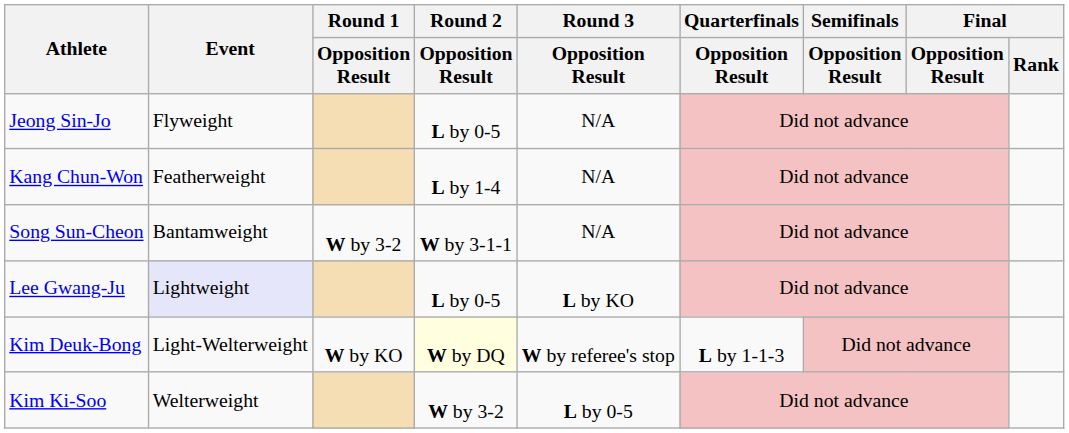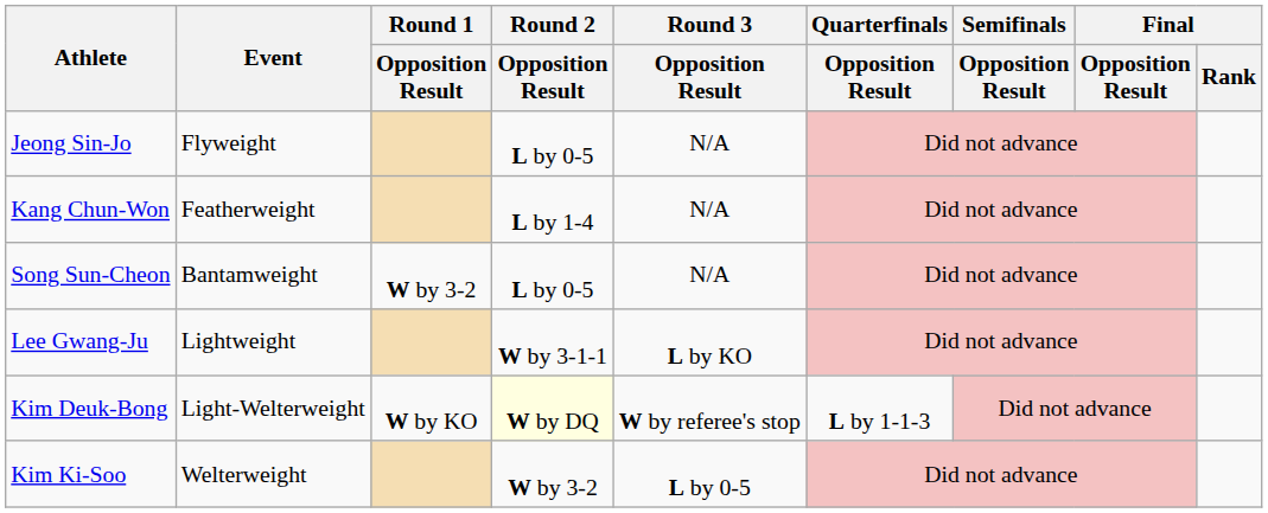 <table class="wikitable" style="font-size:90%">
 <tr>
 <th rowspan="2">Athlete</th>
 <th rowspan="2">Event</th>
 <th>Round 1</th>
 <th>Round 2</th>
 <th>Round 3</th>
 <th>Quarterfinals</th>
 <th>Semifinals</th>
 <th colspan="2">Final</th>
 </tr>
 <tr>
 <th>Opposition<br>Result</th>
 <th>Opposition<br>Result</th>
 <th>Opposition<br>Result</th>
 <th>Opposition<br>Result</th>
 <th>Opposition<br>Result</th>
 <th>Opposition<br>Result</th>
 <th>Rank</th>
 </tr>
 <tr>
 <td><a href='#'>Jeong Sin-Jo</a></td>
 <td>Flyweight</td>
 <td colspan="1" bgcolor="wheat"></td>
 <td align=center> <br> <strong>L</strong> by 0-5</td>
 <td align=center>N/A</td>
 <td bgcolor="f4c2c2" colspan=3 align="center">Did not advance</td>
 <td></td>
 </tr>
 <tr>
 <td><a href='#'>Kang Chun-Won</a></td>
 <td>Featherweight</td>
 <td colspan="1" bgcolor="wheat"></td>
 <td align=center> <br> <strong>L</strong> by 1-4</td>
 <td align=center>N/A</td>
 <td bgcolor="f4c2c2" colspan=3 align="center">Did not advance</td>
 <td></td>
 </tr>
 <tr>
 <td><a href='#'>Song Sun-Cheon</a></td>
 <td>Bantamweight</td>
 <td align=center> <br> <strong>W</strong> by 3-2</td>
-<td align=center> <br> <strong>W</strong> by 3-1-1</td>
+<td align=center> <br> <strong>L</strong> by 0-5</td>
 <td align=center>N/A</td>
 <td bgcolor="f4c2c2" colspan=3 align="center">Did not advance</td>
 <td></td>
 </tr>
 <tr>
 <td><a href='#'>Lee Gwang-Ju</a></td>
-<td style="background: lavender;">Lightweight</td>
+<td>Lightweight</td>
 <td colspan="1" bgcolor="wheat"></td>
-<td align=center> <br> <strong>L</strong> by 0-5</td>
+<td align=center> <br> <strong>W</strong> by 3-1-1</td>
 <td align=center> <br> <strong>L</strong> by KO</td>
 <td bgcolor="f4c2c2" colspan=3 align="center">Did not advance</td>
 <td align=center></td>
 </tr>
 <tr>
 <td><a href='#'>Kim Deuk-Bong</a></td>
 <td>Light-Welterweight</td>
 <td align=center> <br> <strong>W</strong> by KO</td>
 <td align=center style="background: lightyellow;"> <br> <strong>W</strong> by DQ</td>
 <td align=center> <br> <strong>W</strong> by referee's stop</td>
 <td align=center> <br> <strong>L</strong> by 1-1-3</td>
 <td align=center colspan="2" bgcolor="f4c2c2">Did not advance</td>
 <td align=center></td>
 </tr>
 <tr>
 <td><a href='#'>Kim Ki-Soo</a></td>
 <td>Welterweight</td>
 <td colspan="1" bgcolor="wheat"></td>
 <td align=center> <br> <strong>W</strong> by 3-2</td>
 <td align=center> <br> <strong>L</strong> by 0-5</td>
 <td align=center colspan="3" bgcolor="f4c2c2">Did not advance</td>
 <td align=center></td>
 </tr>
 </table>
